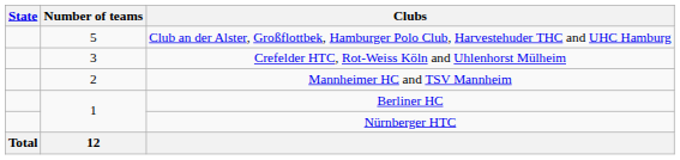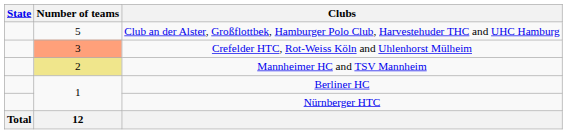 <table class="wikitable">
 <tr>
 <th><a href='#'>State</a></th>
 <th>Number of teams</th>
 <th>Clubs</th>
 </tr>
 <tr>
 <td></td>
 <td align=center>5</td>
 <td align=center><a href='#'>Club an der Alster</a>, <a href='#'>Großflottbek</a>, <a href='#'>Hamburger Polo Club</a>, <a href='#'>Harvestehuder THC</a> and <a href='#'>UHC Hamburg</a></td>
 </tr>
 <tr>
 <td></td>
-<td align=center>3</td>
+<td align=center style="background: lightsalmon;">3</td>
 <td align=center><a href='#'>Crefelder HTC</a>, <a href='#'>Rot-Weiss Köln</a> and <a href='#'>Uhlenhorst Mülheim</a></td>
 </tr>
 <tr>
 <td></td>
-<td align=center>2</td>
+<td align=center style="background: khaki;">2</td>
 <td align=center><a href='#'>Mannheimer HC</a> and <a href='#'>TSV Mannheim</a></td>
 </tr>
 <tr>
 <td></td>
 <td align=center rowspan=2>1</td>
 <td align=center><a href='#'>Berliner HC</a></td>
 </tr>
 <tr>
 <td></td>
 <td align=center><a href='#'>Nürnberger HTC</a></td>
 </tr>
 <tr>
 <th>Total</th>
 <th>12</th>
 <th></th>
 </tr>
 </table>
